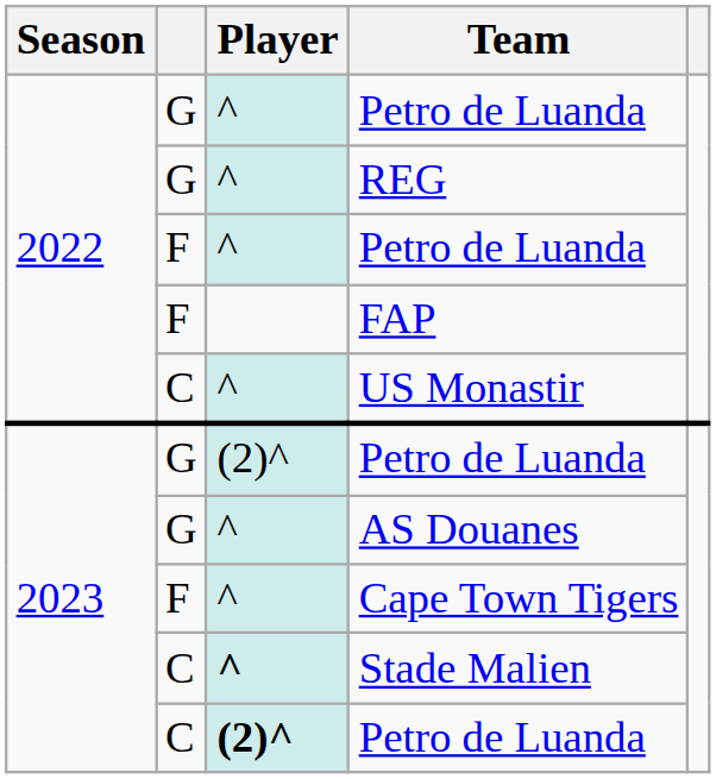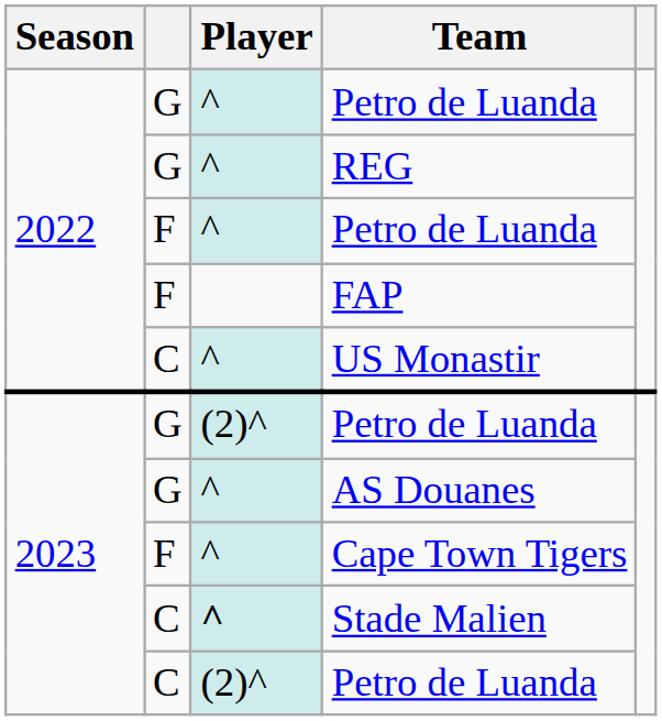 <table class="wikitable">
 <tr>
 <th>Season</th>
 <th></th>
 <th>Player</th>
 <th>Team</th>
 <th></th>
 </tr>
 <tr>
 <td rowspan="5"><a href='#'>2022</a></td>
 <td>G</td>
 <td style="background-color:#CFECEC;">^</td>
 <td><a href='#'>Petro de Luanda</a></td>
 <td rowspan="5" align="center"></td>
 </tr>
 <tr>
 <td>G</td>
 <td style="background-color:#CFECEC;">^</td>
 <td><a href='#'>REG</a></td>
 </tr>
 <tr>
 <td>F</td>
 <td style="background-color:#CFECEC;">^</td>
 <td><a href='#'>Petro de Luanda</a></td>
 </tr>
 <tr>
 <td>F</td>
 <td></td>
 <td><a href='#'>FAP</a></td>
 </tr>
 <tr>
 <td>C</td>
 <td style="background-color:#CFECEC;"><strong></strong>^</td>
 <td><a href='#'>US Monastir</a></td>
 </tr>
 <tr style="border-top:2px solid black">
 <td rowspan="5"><a href='#'>2023</a></td>
 <td>G</td>
 <td style="background-color:#CFECEC;"> (2)^</td>
 <td><a href='#'>Petro de Luanda</a></td>
 <td align="center" rowspan="5"></td>
 </tr>
 <tr>
 <td>G</td>
 <td style="background-color:#CFECEC;">^</td>
 <td><a href='#'>AS Douanes</a></td>
 </tr>
 <tr>
 <td>F</td>
 <td style="background-color:#CFECEC;">^</td>
 <td><a href='#'>Cape Town Tigers</a></td>
 </tr>
 <tr>
 <td>C</td>
 <td style="background-color:#CFECEC;"><strong>^</strong></td>
 <td><a href='#'>Stade Malien</a></td>
 </tr>
 <tr>
 <td>C</td>
-<td style="background-color:#CFECEC;"><strong> (2)^</strong></td>
+<td style="background-color:#CFECEC;"> (2)^</td>
 <td><a href='#'>Petro de Luanda</a></td>
 </tr>
 </table>
